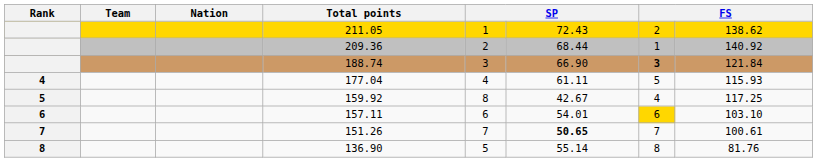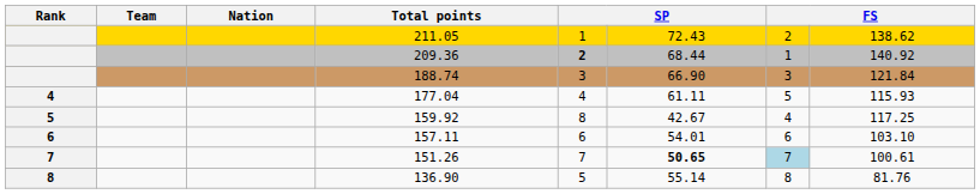 <table class="wikitable sortable" style="text-align:center;" width="80%">
 <tr>
 <th scope="col">Rank</th>
 <th scope="col">Team</th>
 <th scope="col">Nation</th>
 <th scope="col">Total points</th>
 <th scope="col" colspan="2" width="80px"><a href='#'>SP</a></th>
 <th scope="col" colspan="2" width="80px"><a href='#'>FS</a></th>
 </tr>
 <tr bgcolor="gold">
 <th scope="row"></th>
 <td align="left"></td>
 <td align="left"></td>
 <td>211.05</td>
 <td>1</td>
 <td>72.43</td>
 <td>2</td>
 <td>138.62</td>
 </tr>
 <tr bgcolor="silver">
 <th scope="row"></th>
 <td align="left"></td>
 <td align="left"></td>
 <td>209.36</td>
-<td>2</td>
+<td><strong>2</strong></td>
 <td>68.44</td>
 <td>1</td>
 <td>140.92</td>
 </tr>
 <tr bgcolor="cc9966">
 <th scope="row"></th>
 <td align="left"></td>
 <td align="left"></td>
 <td>188.74</td>
 <td>3</td>
 <td>66.90</td>
-<td><strong>3</strong></td>
+<td>3</td>
 <td>121.84</td>
 </tr>
 <tr>
 <th scope="row">4</th>
 <td align="left"></td>
 <td align="left"></td>
 <td>177.04</td>
 <td>4</td>
 <td>61.11</td>
 <td>5</td>
 <td>115.93</td>
 </tr>
 <tr>
 <th scope="row">5</th>
 <td align="left"></td>
 <td align="left"></td>
 <td>159.92</td>
 <td>8</td>
 <td>42.67</td>
 <td>4</td>
 <td>117.25</td>
 </tr>
 <tr>
 <th scope="row">6</th>
 <td align="left"></td>
 <td align="left"></td>
 <td>157.11</td>
 <td>6</td>
 <td>54.01</td>
-<td style="background: gold;">6</td>
+<td>6</td>
 <td>103.10</td>
 </tr>
 <tr>
 <th scope="row">7</th>
 <td align="left"></td>
 <td align="left"></td>
 <td>151.26</td>
 <td>7</td>
 <td><strong>50.65</strong></td>
-<td>7</td>
+<td style="background: lightblue;">7</td>
 <td>100.61</td>
 </tr>
 <tr>
 <th scope="row">8</th>
 <td align="left"></td>
 <td align="left"></td>
 <td>136.90</td>
 <td>5</td>
 <td>55.14</td>
 <td>8</td>
 <td>81.76</td>
 </tr>
 </table>
